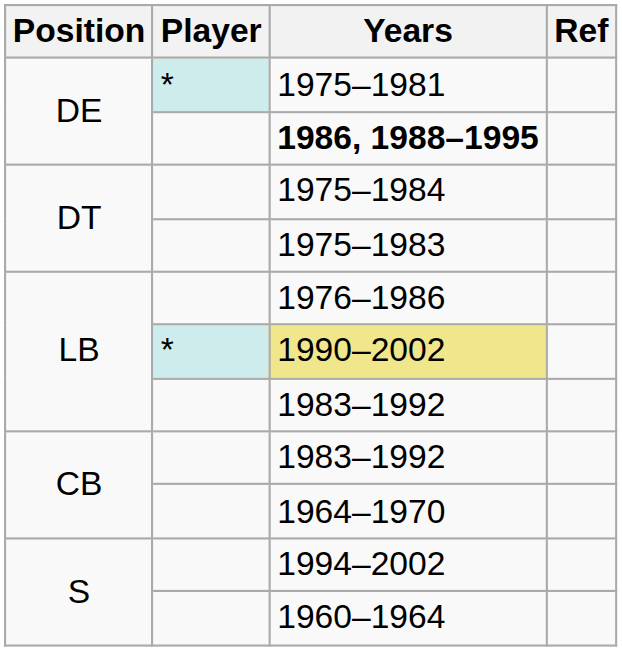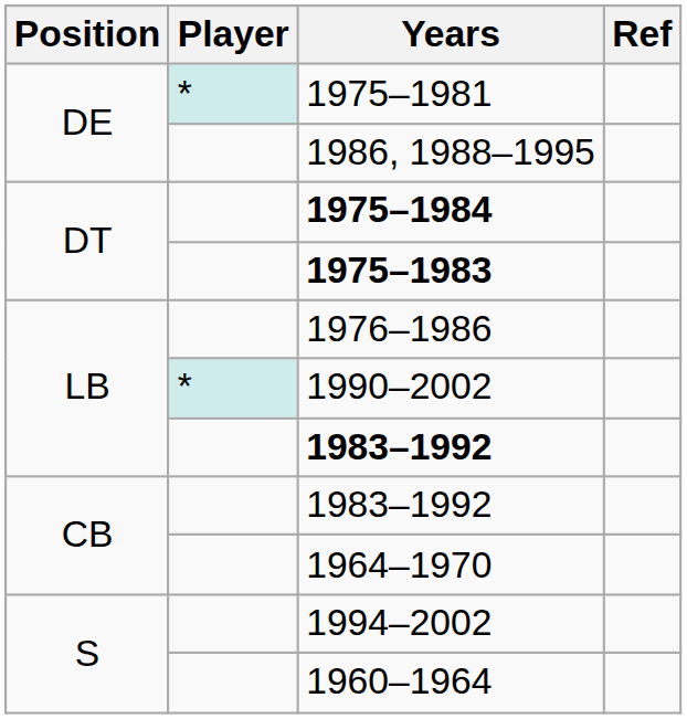 <table class="wikitable sortable" >
 <tr bgcolor="#efefef">
 <th>Position</th>
 <th>Player</th>
 <th>Years</th>
 <th class="unsortable">Ref</th>
 </tr>
 <tr>
 <td rowspan=2 style="text-align:center;">DE</td>
 <td style="background:#cfecec;">*</td>
 <td>1975–1981</td>
 <td></td>
 </tr>
 <tr>
 <td></td>
-<td><strong>1986, 1988–1995</strong></td>
+<td>1986, 1988–1995</td>
 <td></td>
 </tr>
 <tr>
 <td rowspan=2 style="text-align:center;">DT</td>
 <td></td>
-<td>1975–1984</td>
+<td><strong>1975–1984</strong></td>
 <td></td>
 </tr>
 <tr>
 <td></td>
-<td>1975–1983</td>
+<td><strong>1975–1983</strong></td>
 <td></td>
 </tr>
 <tr>
 <td rowspan=3 style="text-align:center;">LB</td>
 <td></td>
 <td>1976–1986</td>
 <td></td>
 </tr>
 <tr>
 <td style="background:#cfecec;">*</td>
-<td style="background: khaki;">1990–2002</td>
+<td>1990–2002</td>
 <td></td>
 </tr>
 <tr>
 <td></td>
-<td>1983–1992</td>
+<td><strong>1983–1992</strong></td>
 <td></td>
 </tr>
 <tr>
 <td rowspan=2 style="text-align:center;">CB</td>
 <td></td>
 <td>1983–1992</td>
 <td></td>
 </tr>
 <tr>
 <td></td>
 <td>1964–1970</td>
 <td></td>
 </tr>
 <tr>
 <td rowspan=2 style="text-align:center;">S</td>
 <td></td>
 <td>1994–2002</td>
 <td></td>
 </tr>
 <tr>
 <td></td>
 <td>1960–1964</td>
 <td></td>
 </tr>
 </table>
